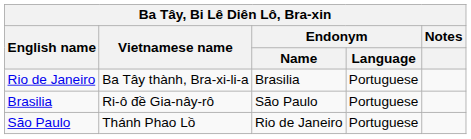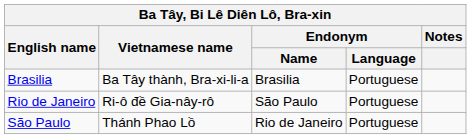 <table class="wikitable sortable">
 <tr>
 <th colspan="5"> Ba Tây, Bi Lê Diên Lô, Bra-xin</th>
 </tr>
 <tr>
 <th rowspan="2">English name</th>
 <th rowspan="2">Vietnamese name</th>
 <th colspan="2">Endonym</th>
 <th>Notes</th>
 </tr>
 <tr>
 <th>Name</th>
 <th>Language</th>
 <th></th>
 </tr>
 <tr>
-<td><a href='#'>Rio de Janeiro</a></td>
+<td><a href='#'>Brasilia</a></td>
 <td>Ba Tây thành, Bra-xi-li-a</td>
 <td>Brasilia</td>
 <td>Portuguese</td>
 <td></td>
 </tr>
 <tr>
-<td><a href='#'>Brasilia</a></td>
+<td><a href='#'>Rio de Janeiro</a></td>
 <td>Ri-ô đề Gia-nây-rô</td>
 <td>São Paulo</td>
 <td>Portuguese</td>
 <td></td>
 </tr>
 <tr>
 <td><a href='#'>São Paulo</a></td>
 <td>Thánh Phao Lồ</td>
 <td>Rio de Janeiro</td>
 <td>Portuguese</td>
 <td></td>
 </tr>
 </table>
